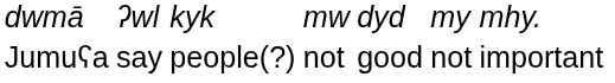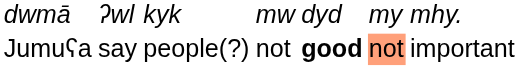 <table>
 <tr>
 <td><em>dwmā</em></td>
 <td><em>ʔwl</em></td>
 <td><em>kyk</em></td>
 <td><em>mw</em></td>
 <td><em>dyd</em></td>
 <td><em>my</em></td>
 <td><em>mhy.</em></td>
 </tr>
 <tr>
 <td>Jumuʕa</td>
 <td>say</td>
 <td>people(?)</td>
 <td>not</td>
-<td>good</td>
-<td>not</td>
+<td><strong>good</strong></td>
+<td style="background: lightsalmon;">not</td>
 <td>important</td>
 </tr>
 </table>
